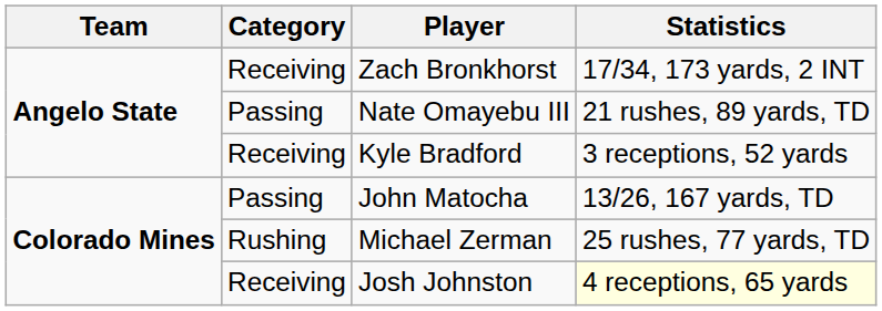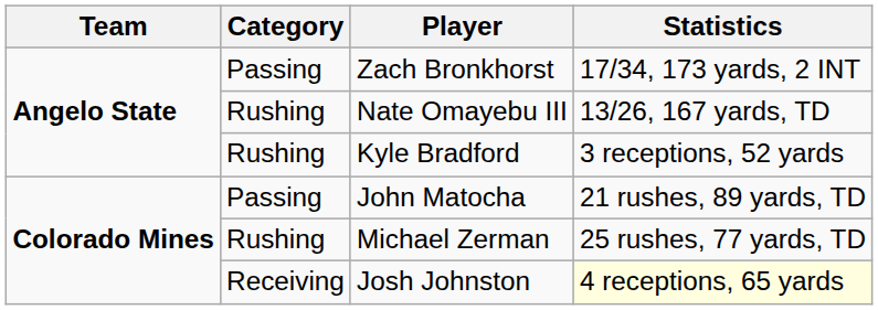 <table class="wikitable" style="float: right;">
 <tr>
 <th>Team</th>
 <th>Category</th>
 <th>Player</th>
 <th>Statistics</th>
 </tr>
 <tr>
 <td rowspan=3><strong>Angelo State</strong></td>
-<td>Receiving</td>
+<td>Passing</td>
 <td>Zach Bronkhorst</td>
 <td>17/34, 173 yards, 2 INT</td>
 </tr>
 <tr>
-<td>Passing</td>
+<td>Rushing</td>
 <td>Nate Omayebu III</td>
-<td>21 rushes, 89 yards, TD</td>
+<td>13/26, 167 yards, TD</td>
 </tr>
 <tr>
-<td>Receiving</td>
+<td>Rushing</td>
 <td>Kyle Bradford</td>
 <td>3 receptions, 52 yards</td>
 </tr>
 <tr>
 <td rowspan=3><strong>Colorado Mines</strong></td>
 <td>Passing</td>
 <td>John Matocha</td>
-<td>13/26, 167 yards, TD</td>
+<td>21 rushes, 89 yards, TD</td>
 </tr>
 <tr>
 <td>Rushing</td>
 <td>Michael Zerman</td>
 <td>25 rushes, 77 yards, TD</td>
 </tr>
 <tr>
 <td>Receiving</td>
 <td>Josh Johnston</td>
 <td style="background: lightyellow;">4 receptions, 65 yards</td>
 </tr>
 </table>
